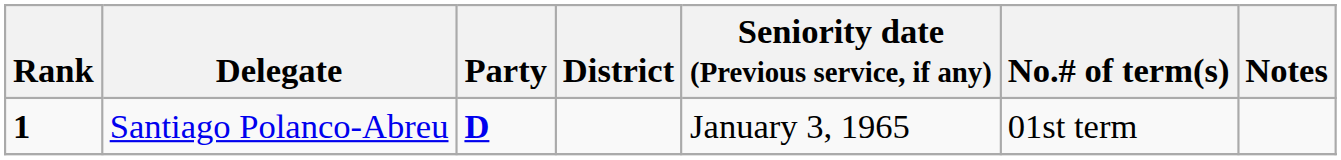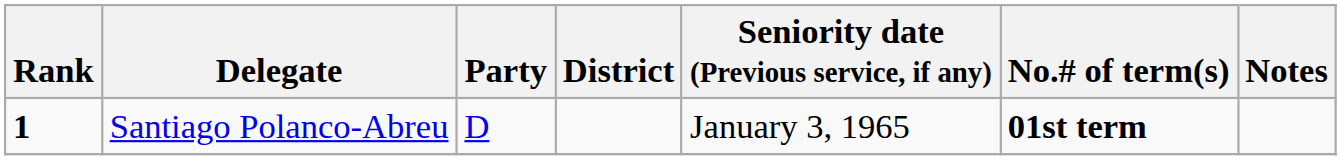 <table class="wikitable sortable">
 <tr valign=bottom>
 <th>Rank</th>
 <th>Delegate</th>
 <th>Party</th>
 <th>District</th>
 <th>Seniority date<br><small>(Previous service, if any)</small><br></th>
 <th>No.# of term(s)</th>
 <th>Notes</th>
 </tr>
 <tr>
 <td><strong>1</strong></td>
 <td><a href='#'>Santiago Polanco-Abreu</a></td>
-<td><strong><a href='#'>D</a></strong></td>
+<td><a href='#'>D</a></td>
 <td></td>
 <td>January 3, 1965</td>
-<td>01st term</td>
+<td><strong>01st term</strong></td>
 <td></td>
 </tr>
 <tr>
 </tr>
 </table>
